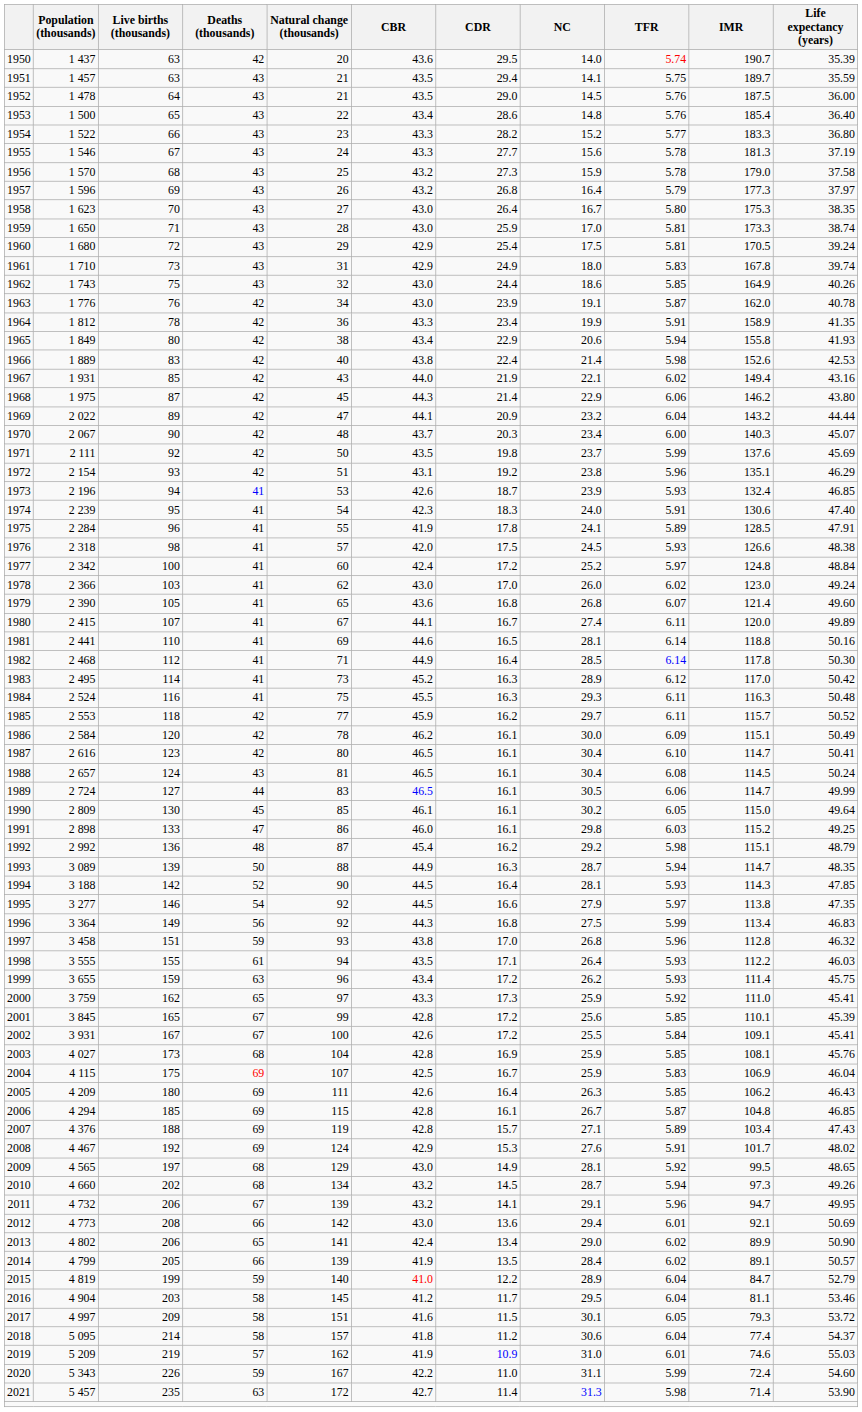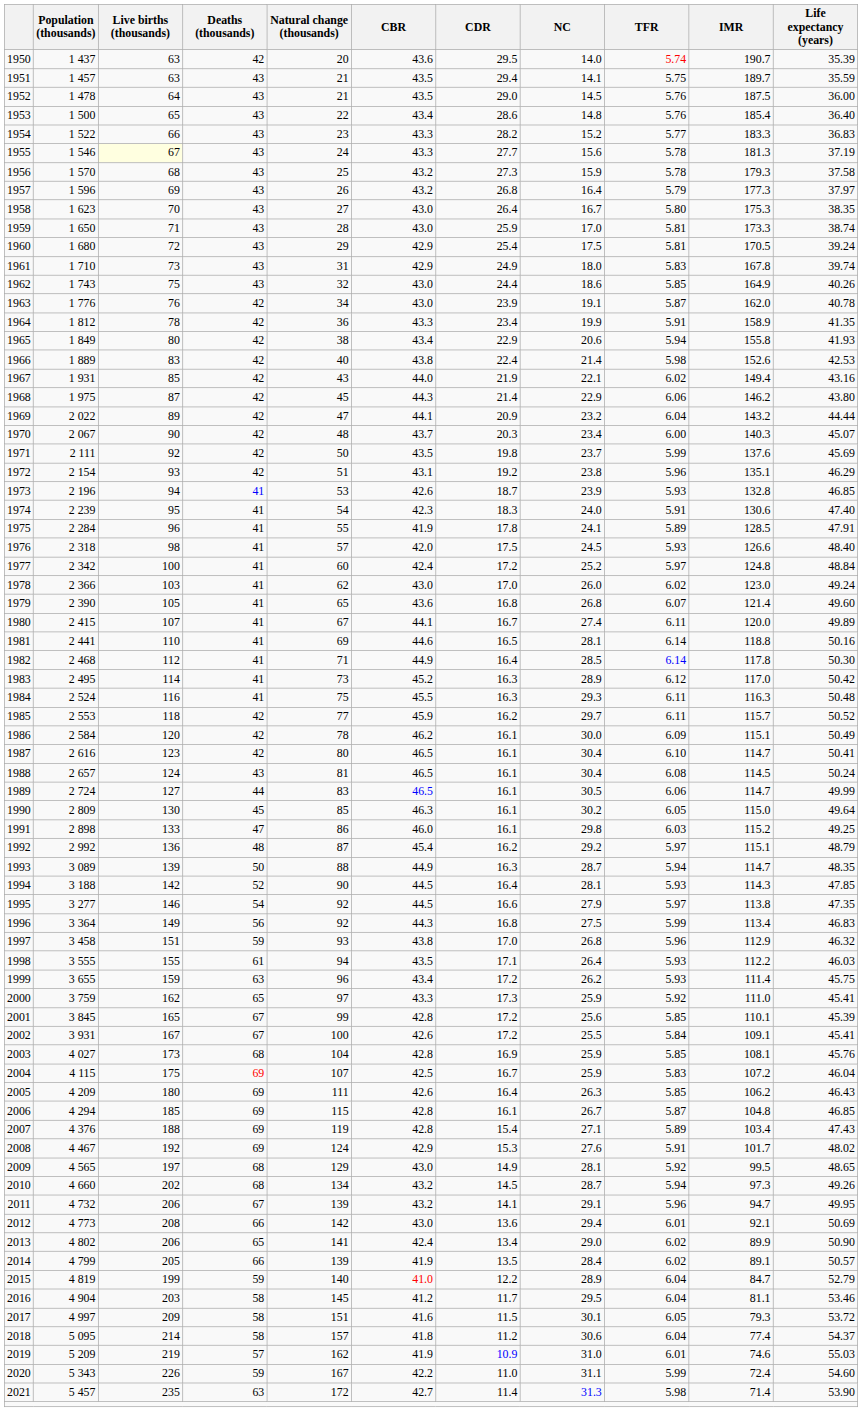 <table class="wikitable sortable" style="text-align:right">
 <tr>
 <th></th>
 <th>Population<br>(thousands)</th>
 <th style="width:80pt;">Live births <br>(thousands)</th>
 <th style="width:80pt;">Deaths <br>(thousands)</th>
 <th style="width:80pt;">Natural change<br>(thousands)</th>
 <th style="width:80pt;">CBR</th>
 <th style="width:80pt;">CDR</th>
 <th style="width:80pt;">NC</th>
 <th style="width:80pt;">TFR</th>
 <th style="width:80pt;">IMR</th>
 <th style="width:80pt;">Life expectancy <br>(years)</th>
 </tr>
 <tr>
 <td>1950</td>
 <td>1 437</td>
 <td>   63</td>
 <td>   42</td>
 <td>   20</td>
 <td>43.6</td>
 <td>29.5</td>
 <td>14.0</td>
 <td style="color:red">5.74</td>
 <td>190.7</td>
 <td>35.39</td>
 </tr>
 <tr>
 <td>1951</td>
 <td>  1 457</td>
 <td>  63</td>
 <td>  43</td>
 <td>  21</td>
 <td>43.5</td>
 <td>29.4</td>
 <td>14.1</td>
 <td>5.75</td>
 <td>189.7</td>
 <td>35.59</td>
 </tr>
 <tr>
 <td>1952</td>
 <td>  1 478</td>
 <td>  64</td>
 <td>  43</td>
 <td>  21</td>
 <td>43.5</td>
 <td>29.0</td>
 <td>14.5</td>
 <td>5.76</td>
 <td>187.5</td>
 <td>36.00</td>
 </tr>
 <tr>
 <td>1953</td>
 <td>  1 500</td>
 <td>  65</td>
 <td>  43</td>
 <td>  22</td>
 <td>43.4</td>
 <td>28.6</td>
 <td>14.8</td>
 <td>5.76</td>
 <td>185.4</td>
 <td>36.40</td>
 </tr>
 <tr>
 <td>1954</td>
 <td>  1 522</td>
 <td>  66</td>
 <td>  43</td>
 <td>  23</td>
 <td>43.3</td>
 <td>28.2</td>
 <td>15.2</td>
 <td>5.77</td>
 <td>183.3</td>
-<td>36.80</td>
+<td>36.83</td>
 </tr>
 <tr>
 <td>1955</td>
 <td>  1 546</td>
-<td>  67</td>
+<td style="background: lightyellow;">  67</td>
 <td>  43</td>
 <td>  24</td>
 <td>43.3</td>
 <td>27.7</td>
 <td>15.6</td>
 <td>5.78</td>
 <td>181.3</td>
 <td>37.19</td>
 </tr>
 <tr>
 <td>1956</td>
 <td>  1 570</td>
 <td>  68</td>
 <td>  43</td>
 <td>  25</td>
 <td>43.2</td>
 <td>27.3</td>
 <td>15.9</td>
 <td>5.78</td>
-<td>179.0</td>
+<td>179.3</td>
 <td>37.58</td>
 </tr>
 <tr>
 <td>1957</td>
 <td>  1 596</td>
 <td>  69</td>
 <td>  43</td>
 <td>  26</td>
 <td>43.2</td>
 <td>26.8</td>
 <td>16.4</td>
 <td>5.79</td>
 <td>177.3</td>
 <td>37.97</td>
 </tr>
 <tr>
 <td>1958</td>
 <td>  1 623</td>
 <td>  70</td>
 <td>  43</td>
 <td>  27</td>
 <td>43.0</td>
 <td>26.4</td>
 <td>16.7</td>
 <td>5.80</td>
 <td>175.3</td>
 <td>38.35</td>
 </tr>
 <tr>
 <td>1959</td>
 <td>  1 650</td>
 <td>  71</td>
 <td>  43</td>
 <td>  28</td>
 <td>43.0</td>
 <td>25.9</td>
 <td>17.0</td>
 <td>5.81</td>
 <td>173.3</td>
 <td>38.74</td>
 </tr>
 <tr>
 <td>1960</td>
 <td>  1 680</td>
 <td>  72</td>
 <td>  43</td>
 <td>  29</td>
 <td>42.9</td>
 <td>25.4</td>
 <td>17.5</td>
 <td>5.81</td>
 <td>170.5</td>
 <td>39.24</td>
 </tr>
 <tr>
 <td>1961</td>
 <td>  1 710</td>
 <td>  73</td>
 <td>  43</td>
 <td>  31</td>
 <td>42.9</td>
 <td>24.9</td>
 <td>18.0</td>
 <td>5.83</td>
 <td>167.8</td>
 <td>39.74</td>
 </tr>
 <tr>
 <td>1962</td>
 <td>  1 743</td>
 <td>  75</td>
 <td>  43</td>
 <td>  32</td>
 <td>43.0</td>
 <td>24.4</td>
 <td>18.6</td>
 <td>5.85</td>
 <td>164.9</td>
 <td>40.26</td>
 </tr>
 <tr>
 <td>1963</td>
 <td>  1 776</td>
 <td>  76</td>
 <td>  42</td>
 <td>  34</td>
 <td>43.0</td>
 <td>23.9</td>
 <td>19.1</td>
 <td>5.87</td>
 <td>162.0</td>
 <td>40.78</td>
 </tr>
 <tr>
 <td>1964</td>
 <td>  1 812</td>
 <td>  78</td>
 <td>  42</td>
 <td>  36</td>
 <td>43.3</td>
 <td>23.4</td>
 <td>19.9</td>
 <td>5.91</td>
 <td>158.9</td>
 <td>41.35</td>
 </tr>
 <tr>
 <td>1965</td>
 <td>  1 849</td>
 <td>  80</td>
 <td>  42</td>
 <td>  38</td>
 <td>43.4</td>
 <td>22.9</td>
 <td>20.6</td>
 <td>5.94</td>
 <td>155.8</td>
 <td>41.93</td>
 </tr>
 <tr>
 <td>1966</td>
 <td>  1 889</td>
 <td>  83</td>
 <td>  42</td>
 <td>  40</td>
 <td>43.8</td>
 <td>22.4</td>
 <td>21.4</td>
 <td>5.98</td>
 <td>152.6</td>
 <td>42.53</td>
 </tr>
 <tr>
 <td>1967</td>
 <td>  1 931</td>
 <td>  85</td>
 <td>  42</td>
 <td>  43</td>
 <td>44.0</td>
 <td>21.9</td>
 <td>22.1</td>
 <td>6.02</td>
 <td>149.4</td>
 <td>43.16</td>
 </tr>
 <tr>
 <td>1968</td>
 <td>  1 975</td>
 <td>  87</td>
 <td>  42</td>
 <td>  45</td>
 <td>44.3</td>
 <td>21.4</td>
 <td>22.9</td>
 <td>6.06</td>
 <td>146.2</td>
 <td>43.80</td>
 </tr>
 <tr>
 <td>1969</td>
 <td>  2 022</td>
 <td>  89</td>
 <td>  42</td>
 <td>  47</td>
 <td>44.1</td>
 <td>20.9</td>
 <td>23.2</td>
 <td>6.04</td>
 <td>143.2</td>
 <td>44.44</td>
 </tr>
 <tr>
 <td>1970</td>
 <td>  2 067</td>
 <td>  90</td>
 <td>  42</td>
 <td>  48</td>
 <td>43.7</td>
 <td>20.3</td>
 <td>23.4</td>
 <td>6.00</td>
 <td>140.3</td>
 <td>45.07</td>
 </tr>
 <tr>
 <td>1971</td>
 <td>  2 111</td>
 <td>  92</td>
 <td>  42</td>
 <td>  50</td>
 <td>43.5</td>
 <td>19.8</td>
 <td>23.7</td>
 <td>5.99</td>
 <td>137.6</td>
 <td>45.69</td>
 </tr>
 <tr>
 <td>1972</td>
 <td>  2 154</td>
 <td>  93</td>
 <td>  42</td>
 <td>  51</td>
 <td>43.1</td>
 <td>19.2</td>
 <td>23.8</td>
 <td>5.96</td>
 <td>135.1</td>
 <td>46.29</td>
 </tr>
 <tr>
 <td>1973</td>
 <td>  2 196</td>
 <td>  94</td>
 <td style="color:blue">41</td>
 <td>  53</td>
 <td>42.6</td>
 <td>18.7</td>
 <td>23.9</td>
 <td>5.93</td>
-<td>132.4</td>
+<td>132.8</td>
 <td>46.85</td>
 </tr>
 <tr>
 <td>1974</td>
 <td>  2 239</td>
 <td>  95</td>
 <td>  41</td>
 <td>  54</td>
 <td>42.3</td>
 <td>18.3</td>
 <td>24.0</td>
 <td>5.91</td>
 <td>130.6</td>
 <td>47.40</td>
 </tr>
 <tr>
 <td>1975</td>
 <td>  2 284</td>
 <td>  96</td>
 <td>  41</td>
 <td>  55</td>
 <td>41.9</td>
 <td>17.8</td>
 <td>24.1</td>
 <td>5.89</td>
 <td>128.5</td>
 <td>47.91</td>
 </tr>
 <tr>
 <td>1976</td>
 <td>  2 318</td>
 <td>  98</td>
 <td>  41</td>
 <td>  57</td>
 <td>42.0</td>
 <td>17.5</td>
 <td>24.5</td>
 <td>5.93</td>
 <td>126.6</td>
-<td>48.38</td>
+<td>48.40</td>
 </tr>
 <tr>
 <td>1977</td>
 <td>  2 342</td>
 <td>  100</td>
 <td>  41</td>
 <td>  60</td>
 <td>42.4</td>
 <td>17.2</td>
 <td>25.2</td>
 <td>5.97</td>
 <td>124.8</td>
 <td>48.84</td>
 </tr>
 <tr>
 <td>1978</td>
 <td>  2 366</td>
 <td>  103</td>
 <td>  41</td>
 <td>  62</td>
 <td>43.0</td>
 <td>17.0</td>
 <td>26.0</td>
 <td>6.02</td>
 <td>123.0</td>
 <td>49.24</td>
 </tr>
 <tr>
 <td>1979</td>
 <td>  2 390</td>
 <td>  105</td>
 <td>  41</td>
 <td>  65</td>
 <td>43.6</td>
 <td>16.8</td>
 <td>26.8</td>
 <td>6.07</td>
 <td>121.4</td>
 <td>49.60</td>
 </tr>
 <tr>
 <td>1980</td>
 <td>  2 415</td>
 <td>  107</td>
 <td>  41</td>
 <td>  67</td>
 <td>44.1</td>
 <td>16.7</td>
 <td>27.4</td>
 <td>6.11</td>
 <td>120.0</td>
 <td>49.89</td>
 </tr>
 <tr>
 <td>1981</td>
 <td>  2 441</td>
 <td>  110</td>
 <td>  41</td>
 <td>  69</td>
 <td>44.6</td>
 <td>16.5</td>
 <td>28.1</td>
 <td>6.14</td>
 <td>118.8</td>
 <td>50.16</td>
 </tr>
 <tr>
 <td>1982</td>
 <td>  2 468</td>
 <td>  112</td>
 <td>  41</td>
 <td>  71</td>
 <td>44.9</td>
 <td>16.4</td>
 <td>28.5</td>
 <td style="color:blue">6.14</td>
 <td>117.8</td>
 <td>50.30</td>
 </tr>
 <tr>
 <td>1983</td>
 <td>  2 495</td>
 <td>  114</td>
 <td>  41</td>
 <td>  73</td>
 <td>45.2</td>
 <td>16.3</td>
 <td>28.9</td>
 <td>6.12</td>
 <td>117.0</td>
 <td>50.42</td>
 </tr>
 <tr>
 <td>1984</td>
 <td>  2 524</td>
 <td>  116</td>
 <td>  41</td>
 <td>  75</td>
 <td>45.5</td>
 <td>16.3</td>
 <td>29.3</td>
 <td>6.11</td>
 <td>116.3</td>
 <td>50.48</td>
 </tr>
 <tr>
 <td>1985</td>
 <td>  2 553</td>
 <td>  118</td>
 <td>  42</td>
 <td>  77</td>
 <td>45.9</td>
 <td>16.2</td>
 <td>29.7</td>
 <td>6.11</td>
 <td>115.7</td>
 <td>50.52</td>
 </tr>
 <tr>
 <td>1986</td>
 <td>  2 584</td>
 <td>  120</td>
 <td>  42</td>
 <td>  78</td>
 <td>46.2</td>
 <td>16.1</td>
 <td>30.0</td>
 <td>6.09</td>
 <td>115.1</td>
 <td>50.49</td>
 </tr>
 <tr>
 <td>1987</td>
 <td>  2 616</td>
 <td>  123</td>
 <td>  42</td>
 <td>  80</td>
 <td>46.5</td>
 <td>16.1</td>
 <td>30.4</td>
 <td>6.10</td>
 <td>114.7</td>
 <td>50.41</td>
 </tr>
 <tr>
 <td>1988</td>
 <td>  2 657</td>
 <td>  124</td>
 <td>  43</td>
 <td>  81</td>
 <td>46.5</td>
 <td>16.1</td>
 <td>30.4</td>
 <td>6.08</td>
 <td>114.5</td>
 <td>50.24</td>
 </tr>
 <tr>
 <td>1989</td>
 <td>  2 724</td>
 <td>  127</td>
 <td>  44</td>
 <td>  83</td>
 <td style="color:blue">46.5</td>
 <td>16.1</td>
 <td>30.5</td>
 <td>6.06</td>
 <td>114.7</td>
 <td>49.99</td>
 </tr>
 <tr>
 <td>1990</td>
 <td>  2 809</td>
 <td>  130</td>
 <td>  45</td>
 <td>  85</td>
-<td>46.1</td>
+<td>46.3</td>
 <td>16.1</td>
 <td>30.2</td>
 <td>6.05</td>
 <td>115.0</td>
 <td>49.64</td>
 </tr>
 <tr>
 <td>1991</td>
 <td>  2 898</td>
 <td>  133</td>
 <td>  47</td>
 <td>  86</td>
 <td>46.0</td>
 <td>16.1</td>
 <td>29.8</td>
 <td>6.03</td>
 <td>115.2</td>
 <td>49.25</td>
 </tr>
 <tr>
 <td>1992</td>
 <td>  2 992</td>
 <td>  136</td>
 <td>  48</td>
 <td>  87</td>
 <td>45.4</td>
 <td>16.2</td>
 <td>29.2</td>
-<td>5.98</td>
+<td>5.97</td>
 <td>115.1</td>
 <td>48.79</td>
 </tr>
 <tr>
 <td>1993</td>
 <td>  3 089</td>
 <td>  139</td>
 <td>  50</td>
 <td>  88</td>
 <td>44.9</td>
 <td>16.3</td>
 <td>28.7</td>
 <td>5.94</td>
 <td>114.7</td>
 <td>48.35</td>
 </tr>
 <tr>
 <td>1994</td>
 <td>  3 188</td>
 <td>  142</td>
 <td>  52</td>
 <td>  90</td>
 <td>44.5</td>
 <td>16.4</td>
 <td>28.1</td>
 <td>5.93</td>
 <td>114.3</td>
 <td>47.85</td>
 </tr>
 <tr>
 <td>1995</td>
 <td>  3 277</td>
 <td>  146</td>
 <td>  54</td>
 <td>  92</td>
 <td>44.5</td>
 <td>16.6</td>
 <td>27.9</td>
 <td>5.97</td>
 <td>113.8</td>
 <td>47.35</td>
 </tr>
 <tr>
 <td>1996</td>
 <td>  3 364</td>
 <td>  149</td>
 <td>  56</td>
 <td>  92</td>
 <td>44.3</td>
 <td>16.8</td>
 <td>27.5</td>
 <td>5.99</td>
 <td>113.4</td>
 <td>46.83</td>
 </tr>
 <tr>
 <td>1997</td>
 <td>  3 458</td>
 <td>  151</td>
 <td>  59</td>
 <td>  93</td>
 <td>43.8</td>
 <td>17.0</td>
 <td>26.8</td>
 <td>5.96</td>
-<td>112.8</td>
+<td>112.9</td>
 <td>46.32</td>
 </tr>
 <tr>
 <td>1998</td>
 <td>  3 555</td>
 <td>  155</td>
 <td>  61</td>
 <td>  94</td>
 <td>43.5</td>
 <td>17.1</td>
 <td>26.4</td>
 <td>5.93</td>
 <td>112.2</td>
 <td>46.03</td>
 </tr>
 <tr>
 <td>1999</td>
 <td>  3 655</td>
 <td>  159</td>
 <td>  63</td>
 <td>  96</td>
 <td>43.4</td>
 <td>17.2</td>
 <td>26.2</td>
 <td>5.93</td>
 <td>111.4</td>
 <td>45.75</td>
 </tr>
 <tr>
 <td>2000</td>
 <td>  3 759</td>
 <td>  162</td>
 <td>  65</td>
 <td>  97</td>
 <td>43.3</td>
 <td>17.3</td>
 <td>25.9</td>
 <td>5.92</td>
 <td>111.0</td>
 <td>45.41</td>
 </tr>
 <tr>
 <td>2001</td>
 <td>  3 845</td>
 <td>  165</td>
 <td>  67</td>
 <td>  99</td>
 <td>42.8</td>
 <td>17.2</td>
 <td>25.6</td>
 <td>5.85</td>
 <td>110.1</td>
 <td>45.39</td>
 </tr>
 <tr>
 <td>2002</td>
 <td>  3 931</td>
 <td>  167</td>
 <td>  67</td>
 <td>  100</td>
 <td>42.6</td>
 <td>17.2</td>
 <td>25.5</td>
 <td>5.84</td>
 <td>109.1</td>
 <td>45.41</td>
 </tr>
 <tr>
 <td>2003</td>
 <td>  4 027</td>
 <td>  173</td>
 <td>  68</td>
 <td>  104</td>
 <td>42.8</td>
 <td>16.9</td>
 <td>25.9</td>
 <td>5.85</td>
 <td>108.1</td>
 <td>45.76</td>
 </tr>
 <tr>
 <td>2004</td>
 <td>  4 115</td>
 <td>  175</td>
 <td style="color:red">  69</td>
 <td>  107</td>
 <td>42.5</td>
 <td>16.7</td>
 <td>25.9</td>
 <td>5.83</td>
-<td>106.9</td>
+<td>107.2</td>
 <td>46.04</td>
 </tr>
 <tr>
 <td>2005</td>
 <td>  4 209</td>
 <td>  180</td>
 <td>  69</td>
 <td>  111</td>
 <td>42.6</td>
 <td>16.4</td>
 <td>26.3</td>
 <td>5.85</td>
 <td>106.2</td>
 <td>46.43</td>
 </tr>
 <tr>
 <td>2006</td>
 <td>  4 294</td>
 <td>  185</td>
 <td>  69</td>
 <td>  115</td>
 <td>42.8</td>
 <td>16.1</td>
 <td>26.7</td>
 <td>5.87</td>
 <td>104.8</td>
 <td>46.85</td>
 </tr>
 <tr>
 <td>2007</td>
 <td>  4 376</td>
 <td>  188</td>
 <td>  69</td>
 <td>  119</td>
 <td>42.8</td>
-<td>15.7</td>
+<td>15.4</td>
 <td>27.1</td>
 <td>5.89</td>
 <td>103.4</td>
 <td>47.43</td>
 </tr>
 <tr>
 <td>2008</td>
 <td>  4 467</td>
 <td>  192</td>
 <td>  69</td>
 <td>  124</td>
 <td>42.9</td>
 <td>15.3</td>
 <td>27.6</td>
 <td>5.91</td>
 <td>101.7</td>
 <td>48.02</td>
 </tr>
 <tr>
 <td>2009</td>
 <td>  4 565</td>
 <td>  197</td>
 <td>  68</td>
 <td>  129</td>
 <td>43.0</td>
 <td>14.9</td>
 <td>28.1</td>
 <td>5.92</td>
 <td>99.5</td>
 <td>48.65</td>
 </tr>
 <tr>
 <td>2010</td>
 <td>  4 660</td>
 <td>  202</td>
 <td>  68</td>
 <td>  134</td>
 <td>43.2</td>
 <td>14.5</td>
 <td>28.7</td>
 <td>5.94</td>
 <td>97.3</td>
 <td>49.26</td>
 </tr>
 <tr>
 <td>2011</td>
 <td>  4 732</td>
 <td>  206</td>
 <td>  67</td>
 <td>  139</td>
 <td>43.2</td>
 <td>14.1</td>
 <td>29.1</td>
 <td>5.96</td>
 <td>94.7</td>
 <td>49.95</td>
 </tr>
 <tr>
 <td>2012</td>
 <td>  4 773</td>
 <td>  208</td>
 <td>  66</td>
 <td>  142</td>
 <td>43.0</td>
 <td>13.6</td>
 <td>29.4</td>
 <td>6.01</td>
 <td>92.1</td>
 <td>50.69</td>
 </tr>
 <tr>
 <td>2013</td>
 <td>  4 802</td>
 <td>  206</td>
 <td>  65</td>
 <td>  141</td>
 <td>42.4</td>
 <td>13.4</td>
 <td>29.0</td>
 <td>6.02</td>
 <td>89.9</td>
 <td>50.90</td>
 </tr>
 <tr>
 <td>2014</td>
 <td>  4 799</td>
 <td>  205</td>
 <td>  66</td>
 <td>  139</td>
 <td>41.9</td>
 <td>13.5</td>
 <td>28.4</td>
 <td>6.02</td>
 <td>89.1</td>
 <td>50.57</td>
 </tr>
 <tr>
 <td>2015</td>
 <td>  4 819</td>
 <td>  199</td>
 <td>  59</td>
 <td>  140</td>
 <td style="color:red">41.0</td>
 <td>12.2</td>
 <td>28.9</td>
 <td>6.04</td>
 <td>84.7</td>
 <td>52.79</td>
 </tr>
 <tr>
 <td>2016</td>
 <td>  4 904</td>
 <td>  203</td>
 <td>  58</td>
 <td>  145</td>
 <td>41.2</td>
 <td>11.7</td>
 <td>29.5</td>
 <td>6.04</td>
 <td>81.1</td>
 <td>53.46</td>
 </tr>
 <tr>
 <td>2017</td>
 <td>  4 997</td>
 <td>  209</td>
 <td>  58</td>
 <td>  151</td>
 <td>41.6</td>
 <td>11.5</td>
 <td>30.1</td>
 <td>6.05</td>
 <td>79.3</td>
 <td>53.72</td>
 </tr>
 <tr>
 <td>2018</td>
 <td>  5 095</td>
 <td>  214</td>
 <td>  58</td>
 <td>  157</td>
 <td>41.8</td>
 <td>11.2</td>
 <td>30.6</td>
 <td>6.04</td>
 <td>77.4</td>
 <td>54.37</td>
 </tr>
 <tr>
 <td>2019</td>
 <td>  5 209</td>
 <td>  219</td>
 <td>  57</td>
 <td>  162</td>
 <td>41.9</td>
 <td style="color:blue">10.9</td>
 <td>31.0</td>
 <td>6.01</td>
 <td>74.6</td>
 <td>55.03</td>
 </tr>
 <tr>
 <td>2020</td>
 <td>  5 343</td>
 <td>  226</td>
 <td>  59</td>
 <td>  167</td>
 <td>42.2</td>
 <td>11.0</td>
 <td>31.1</td>
 <td>5.99</td>
 <td>72.4</td>
 <td>54.60</td>
 </tr>
 <tr>
 <td>2021</td>
 <td>  5 457</td>
 <td>  235</td>
 <td>  63</td>
 <td>  172</td>
 <td>42.7</td>
 <td>11.4</td>
 <td style="color:blue">31.3</td>
 <td>5.98</td>
 <td>71.4</td>
 <td>53.90</td>
 </tr>
 <tr>
 <td colspan="11" style="font-size:smaller; text-align:left"></td>
 </tr>
 </table>
